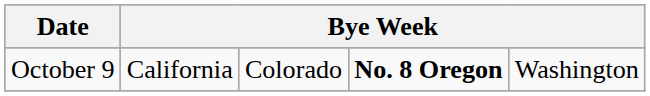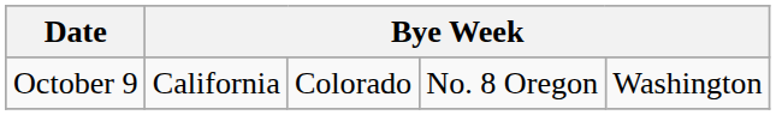 <table class="wikitable" style="font-size:95%;">
 <tr>
 <th>Date</th>
 <th colspan="4">Bye Week</th>
 </tr>
 <tr>
 <td>October 9</td>
 <td>California</td>
 <td>Colorado</td>
-<td><strong>No. 8 Oregon</strong></td>
+<td>No. 8 Oregon</td>
 <td>Washington</td>
 </tr>
 </table>
